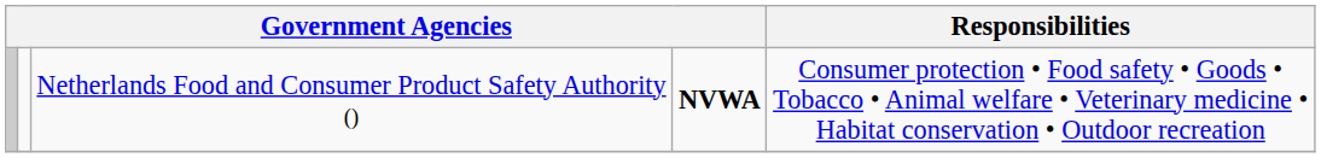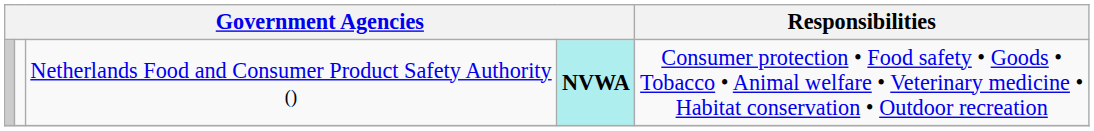 <table class="wikitable" style="text-align:center">
 <tr>
 <th colspan=4><a href='#'>Government Agencies</a></th>
 <th>Responsibilities</th>
 </tr>
 <tr>
 <th style="background:#cccccc;"></th>
 <td></td>
 <td><a href='#'>Netherlands Food and Consumer Product Safety Authority</a> <br> <small>()</small></td>
-<td><strong>NVWA</strong></td>
+<td style="background: paleturquoise;"><strong>NVWA</strong></td>
 <td><a href='#'>Consumer protection</a> • <a href='#'>Food safety</a> • <a href='#'>Goods</a> • <br> <a href='#'>Tobacco</a> • <a href='#'>Animal welfare</a> • <a href='#'>Veterinary medicine</a> • <br> <a href='#'>Habitat conservation</a> • <a href='#'>Outdoor recreation</a></td>
 </tr>
 <tr>
 </tr>
 </table>
